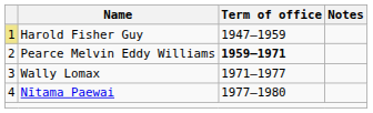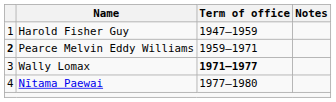 <table class="wikitable">
 <tr>
 <th></th>
 <th>Name</th>
 <th>Term of office</th>
 <th>Notes</th>
 </tr>
 <tr>
-<td align=center style="background: khaki;">1</td>
+<td align=center>1</td>
 <td>Harold Fisher Guy</td>
 <td>1947–1959</td>
 <td></td>
 </tr>
 <tr>
-<td align=center>2</td>
+<td align=center><strong>2</strong></td>
 <td>Pearce Melvin Eddy Williams</td>
-<td><strong>1959–1971</strong></td>
+<td>1959–1971</td>
 <td></td>
 </tr>
 <tr>
 <td align=center>3</td>
 <td>Wally Lomax</td>
-<td>1971–1977</td>
+<td><strong>1971–1977</strong></td>
 <td></td>
 </tr>
 <tr>
 <td align=center>4</td>
 <td><a href='#'>Nītama Paewai</a></td>
 <td>1977–1980</td>
 <td></td>
 </tr>
 <tr>
 <td colspan=4></td>
 </tr>
 </table>
